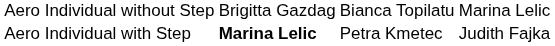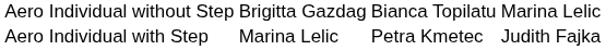 <table>
 <tr>
 <td>Aero Individual without Step</td>
 <td>Brigitta Gazdag </td>
 <td>Bianca Topilatu </td>
 <td>Marina Lelic </td>
 </tr>
 <tr>
 <td>Aero Individual with Step</td>
-<td><strong>Marina Lelic </strong></td>
+<td>Marina Lelic </td>
 <td>Petra Kmetec </td>
 <td>Judith Fajka </td>
 </tr>
 <tr>
 </tr>
 </table>
